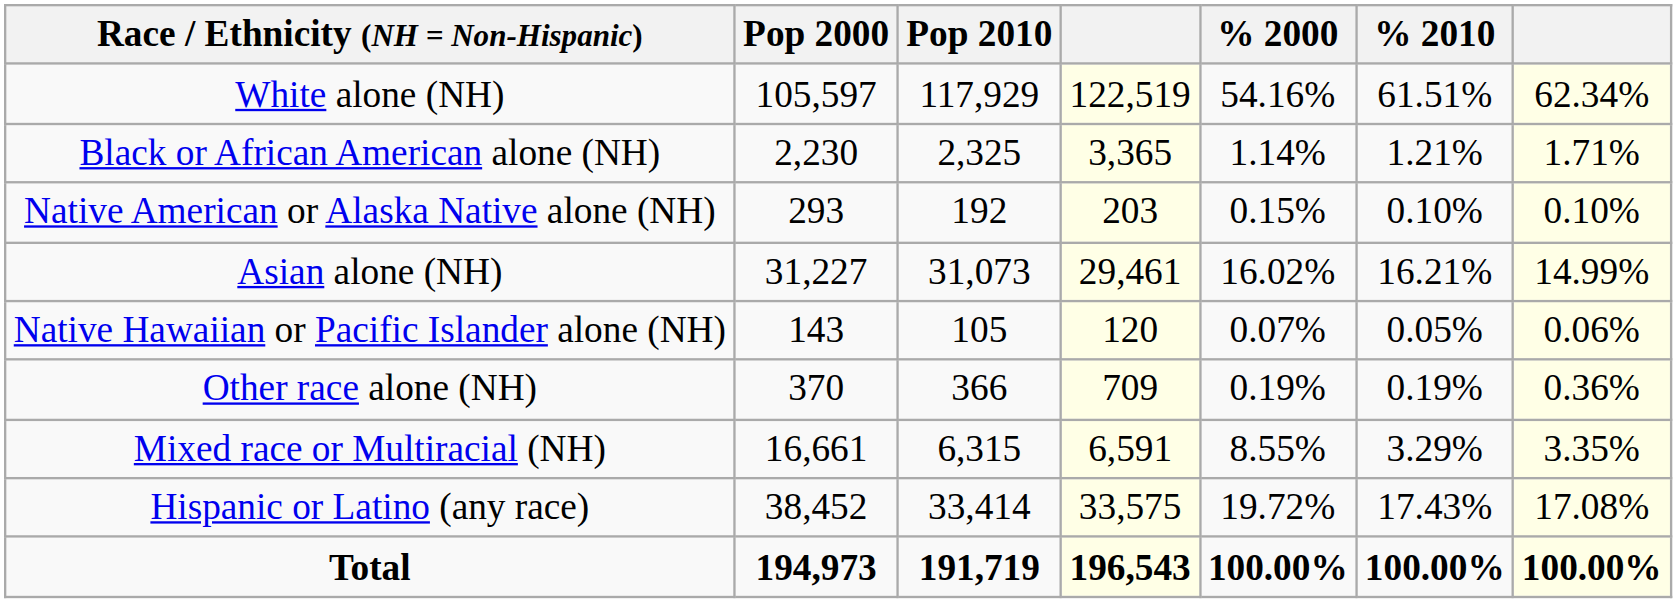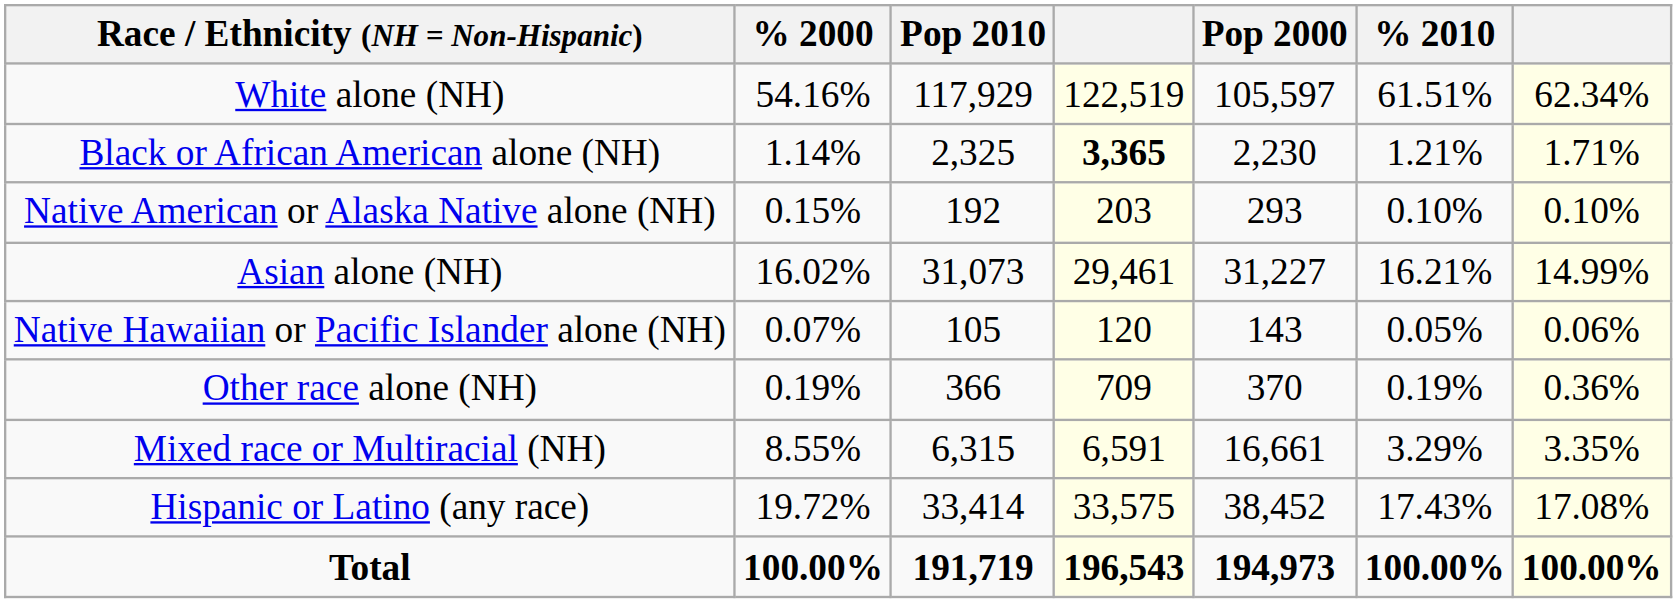 <table class="wikitable" style="text-align:center;">
 <tr>
 <th>Race / Ethnicity <small>(<em>NH = Non-Hispanic</em>)</small></th>
-<th>Pop 2000</th>
+<th>% 2000</th>
 <th>Pop 2010</th>
 <th></th>
-<th>% 2000</th>
+<th>Pop 2000</th>
 <th>% 2010</th>
 <th></th>
 </tr>
 <tr>
 <td><a href='#'>White</a> alone (NH)</td>
-<td>105,597</td>
+<td>54.16%</td>
 <td>117,929</td>
 <td style='background: #ffffe6;'>122,519</td>
-<td>54.16%</td>
+<td>105,597</td>
 <td>61.51%</td>
 <td style='background: #ffffe6;'>62.34%</td>
 </tr>
 <tr>
 <td><a href='#'>Black or African American</a> alone (NH)</td>
+<td>1.14%</td>
+<td>2,325</td>
+<td style='background: #ffffe6;'><strong>3,365</strong></td>
 <td>2,230</td>
-<td>2,325</td>
-<td style='background: #ffffe6;'>3,365</td>
-<td>1.14%</td>
 <td>1.21%</td>
 <td style='background: #ffffe6;'>1.71%</td>
 </tr>
 <tr>
 <td><a href='#'>Native American</a> or <a href='#'>Alaska Native</a> alone (NH)</td>
-<td>293</td>
+<td>0.15%</td>
 <td>192</td>
 <td style='background: #ffffe6;'>203</td>
-<td>0.15%</td>
+<td>293</td>
 <td>0.10%</td>
 <td style='background: #ffffe6;'>0.10%</td>
 </tr>
 <tr>
 <td><a href='#'>Asian</a> alone (NH)</td>
-<td>31,227</td>
+<td>16.02%</td>
 <td>31,073</td>
 <td style='background: #ffffe6;'>29,461</td>
-<td>16.02%</td>
+<td>31,227</td>
 <td>16.21%</td>
 <td style='background: #ffffe6;'>14.99%</td>
 </tr>
 <tr>
 <td><a href='#'>Native Hawaiian</a> or <a href='#'>Pacific Islander</a> alone (NH)</td>
-<td>143</td>
+<td>0.07%</td>
 <td>105</td>
 <td style='background: #ffffe6;'>120</td>
-<td>0.07%</td>
+<td>143</td>
 <td>0.05%</td>
 <td style='background: #ffffe6;'>0.06%</td>
 </tr>
 <tr>
 <td><a href='#'>Other race</a> alone (NH)</td>
-<td>370</td>
+<td>0.19%</td>
 <td>366</td>
 <td style='background: #ffffe6;'>709</td>
-<td>0.19%</td>
+<td>370</td>
 <td>0.19%</td>
 <td style='background: #ffffe6;'>0.36%</td>
 </tr>
 <tr>
 <td><a href='#'>Mixed race or Multiracial</a> (NH)</td>
-<td>16,661</td>
+<td>8.55%</td>
 <td>6,315</td>
 <td style='background: #ffffe6;'>6,591</td>
-<td>8.55%</td>
+<td>16,661</td>
 <td>3.29%</td>
 <td style='background: #ffffe6;'>3.35%</td>
 </tr>
 <tr>
 <td><a href='#'>Hispanic or Latino</a> (any race)</td>
-<td>38,452</td>
+<td>19.72%</td>
 <td>33,414</td>
 <td style='background: #ffffe6;'>33,575</td>
-<td>19.72%</td>
+<td>38,452</td>
 <td>17.43%</td>
 <td style='background: #ffffe6;'>17.08%</td>
 </tr>
 <tr>
 <td><strong>Total</strong></td>
-<td><strong>194,973</strong></td>
+<td><strong>100.00%</strong></td>
 <td><strong>191,719</strong></td>
 <td style='background: #ffffe6;'><strong>196,543</strong></td>
-<td><strong>100.00%</strong></td>
+<td><strong>194,973</strong></td>
 <td><strong>100.00%</strong></td>
 <td style='background: #ffffe6;'><strong>100.00%</strong></td>
 </tr>
 </table>
